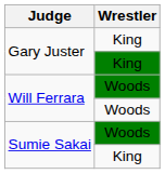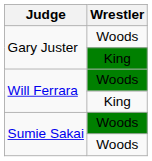 <table class="wikitable" style="text-align:center">
 <tr>
 <th align="left">Judge</th>
 <th>Wrestler</th>
 </tr>
 <tr>
 <td rowspan="2" align="left">Gary Juster</td>
-<td King>King</td>
+<td Woods>Woods</td>
 </tr>
 <tr>
 <td bgcolor=green><span>King</span></td>
 </tr>
 <tr>
 <td rowspan="2" align="left"><a href='#'>Will Ferrara</a></td>
 <td bgcolor="green"><span>Woods</span></td>
 </tr>
 <tr>
-<td Woods>Woods</td>
+<td King>King</td>
 </tr>
 <tr>
 <td rowspan="2" align="left"><a href='#'>Sumie Sakai</a></td>
 <td bgcolor="green"><span>Woods</span></td>
 </tr>
 <tr>
-<td King>King</td>
+<td Woods>Woods</td>
 </tr>
 </table>
